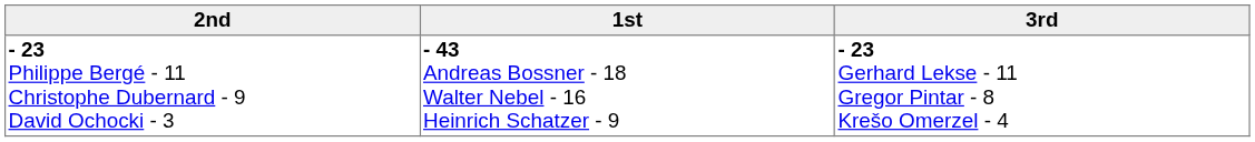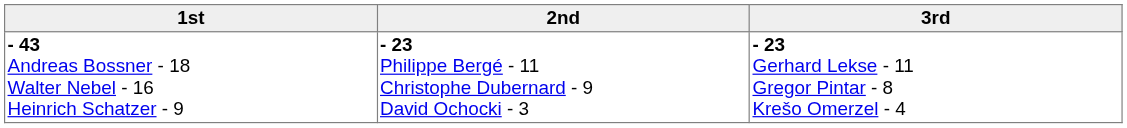 <table border="1" cellpadding="2" cellspacing="0" style="width:75%; border-collapse:collapse">
 <tr style="text-align:left; background:#efefef;">
+<th width=15% align=center >1st</th>
 <th width=15% align=center >2nd</th>
-<th width=15% align=center >1st</th>
 <th width=15% align=center >3rd</th>
 </tr>
 <tr align=left>
+<td valign=top align=left ><strong> - 43</strong><br><a href='#'>Andreas Bossner</a> - 18<br><a href='#'>Walter Nebel</a> - 16<br><a href='#'>Heinrich Schatzer</a> - 9</td>
 <td valign=top align=left ><strong> - 23</strong><br><a href='#'>Philippe Bergé</a> - 11<br><a href='#'>Christophe Dubernard</a> - 9<br><a href='#'>David Ochocki</a> - 3</td>
-<td valign=top align=left ><strong> - 43</strong><br><a href='#'>Andreas Bossner</a> - 18<br><a href='#'>Walter Nebel</a> - 16<br><a href='#'>Heinrich Schatzer</a> - 9</td>
 <td valign=top align=left ><strong> - 23</strong><br><a href='#'>Gerhard Lekse</a> - 11<br><a href='#'>Gregor Pintar</a> - 8<br><a href='#'>Krešo Omerzel</a> - 4</td>
 </tr>
 </table>
